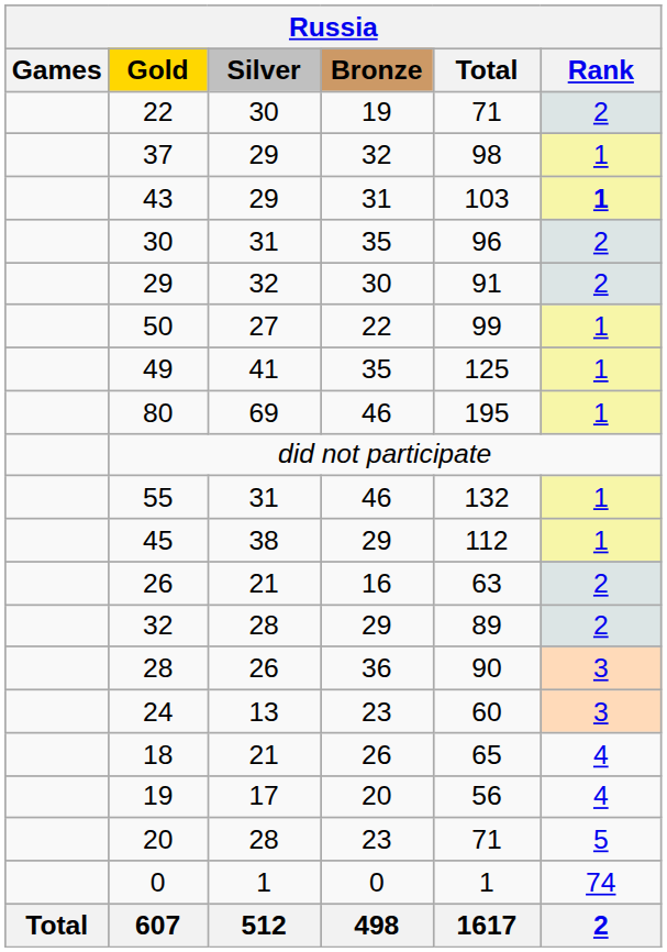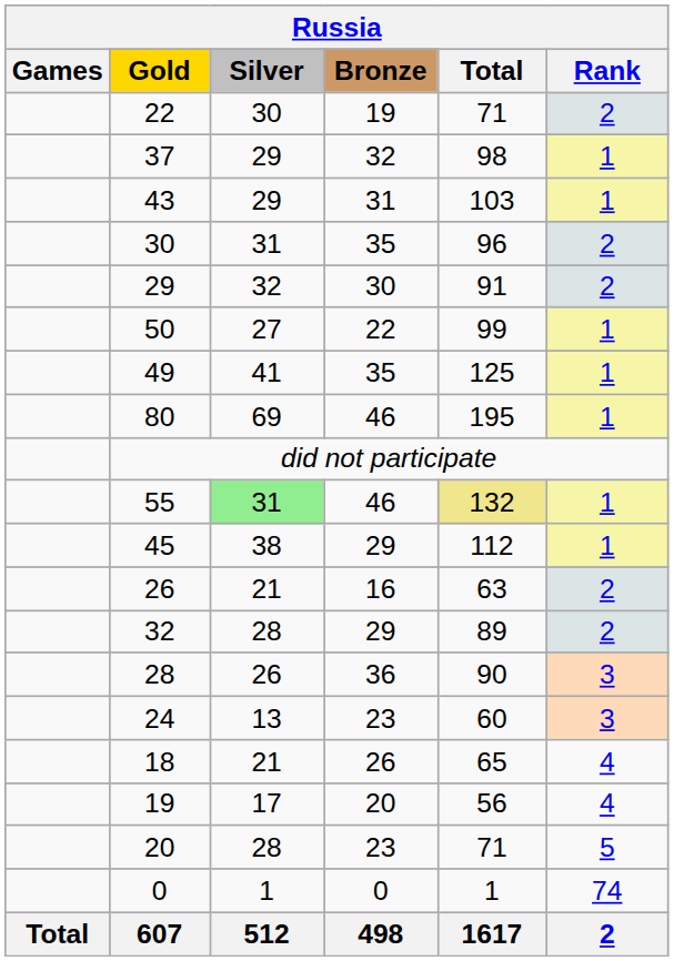 <table class="wikitable" style="text-align:center; font-size:90%;">
 <tr>
 <th colspan=8> <a href='#'>Russia</a></th>
 </tr>
 <tr>
 <th>Games</th>
 <td style="background:gold; width:3.2em; font-weight:bold;">Gold</td>
 <td style="background:silver; width:3.7em; font-weight:bold;">Silver</td>
 <td style="background:#c96; width:3.7em; font-weight:bold;">Bronze</td>
 <th style="width:3.5em; font-weight:bold;">Total</th>
 <th style="width:4em; font-weight:bold;"><a href='#'>Rank</a></th>
 </tr>
 <tr>
 <td align=left></td>
 <td>22</td>
 <td>30</td>
 <td>19</td>
 <td>71</td>
 <td style="background:#dce5e5;"><a href='#'>2</a></td>
 </tr>
 <tr>
 <td align=left></td>
 <td>37</td>
 <td>29</td>
 <td>32</td>
 <td>98</td>
 <td style="background:#f7f6a8;"><a href='#'>1</a></td>
 </tr>
 <tr>
 <td align=left></td>
 <td>43</td>
 <td>29</td>
 <td>31</td>
 <td>103</td>
-<td style="background:#f7f6a8;"><strong><a href='#'>1</a></strong></td>
+<td style="background:#f7f6a8;"><a href='#'>1</a></td>
 </tr>
 <tr>
 <td align=left></td>
 <td>30</td>
 <td>31</td>
 <td>35</td>
 <td>96</td>
 <td style="background:#dce5e5;"><a href='#'>2</a></td>
 </tr>
 <tr>
 <td align=left></td>
 <td>29</td>
 <td>32</td>
 <td>30</td>
 <td>91</td>
 <td style="background:#dce5e5;"><a href='#'>2</a></td>
 </tr>
 <tr>
 <td align=left></td>
 <td>50</td>
 <td>27</td>
 <td>22</td>
 <td>99</td>
 <td style="background:#f7f6a8;"><a href='#'>1</a></td>
 </tr>
 <tr>
 <td align=left></td>
 <td>49</td>
 <td>41</td>
 <td>35</td>
 <td>125</td>
 <td style="background:#f7f6a8;"><a href='#'>1</a></td>
 </tr>
 <tr>
 <td align=left></td>
 <td>80</td>
 <td>69</td>
 <td>46</td>
 <td>195</td>
 <td style="background:#f7f6a8;"><a href='#'>1</a></td>
 </tr>
 <tr>
 <td align=left></td>
 <td colspan=8><em>did not participate</em></td>
 </tr>
 <tr>
 <td align=left></td>
 <td>55</td>
-<td>31</td>
+<td style="background: lightgreen;">31</td>
 <td>46</td>
-<td>132</td>
+<td style="background: khaki;">132</td>
 <td style="background:#f7f6a8;"><a href='#'>1</a></td>
 </tr>
 <tr>
 <td align=left></td>
 <td>45</td>
 <td>38</td>
 <td>29</td>
 <td>112</td>
 <td style="background:#f7f6a8;"><a href='#'>1</a></td>
 </tr>
 <tr>
 <td align=left></td>
 <td>26</td>
 <td>21</td>
 <td>16</td>
 <td>63</td>
 <td style="background:#dce5e5;"><a href='#'>2</a></td>
 </tr>
 <tr>
 <td align=left></td>
 <td>32</td>
 <td>28</td>
 <td>29</td>
 <td>89</td>
 <td style="background:#dce5e5;"><a href='#'>2</a></td>
 </tr>
 <tr>
 <td align=left></td>
 <td>28</td>
 <td>26</td>
 <td>36</td>
 <td>90</td>
 <td style="background:#ffdab9;"><a href='#'>3</a></td>
 </tr>
 <tr>
 <td align=left></td>
 <td>24</td>
 <td>13</td>
 <td>23</td>
 <td>60</td>
 <td style="background:#ffdab9;"><a href='#'>3</a></td>
 </tr>
 <tr>
 <td align=left></td>
 <td>18</td>
 <td>21</td>
 <td>26</td>
 <td>65</td>
 <td><a href='#'>4</a></td>
 </tr>
 <tr>
 <td align=left></td>
 <td>19</td>
 <td>17</td>
 <td>20</td>
 <td>56</td>
 <td><a href='#'>4</a></td>
 </tr>
 <tr>
 <td align=left></td>
 <td>20</td>
 <td>28</td>
 <td>23</td>
 <td>71</td>
 <td><a href='#'>5</a></td>
 </tr>
 <tr>
 <td align=left></td>
 <td>0</td>
 <td>1</td>
 <td>0</td>
 <td>1</td>
 <td><a href='#'>74</a></td>
 </tr>
 <tr>
 <th>Total</th>
 <th>607</th>
 <th>512</th>
 <th>498</th>
 <th>1617</th>
 <th><a href='#'>2</a></th>
 </tr>
 </table>
